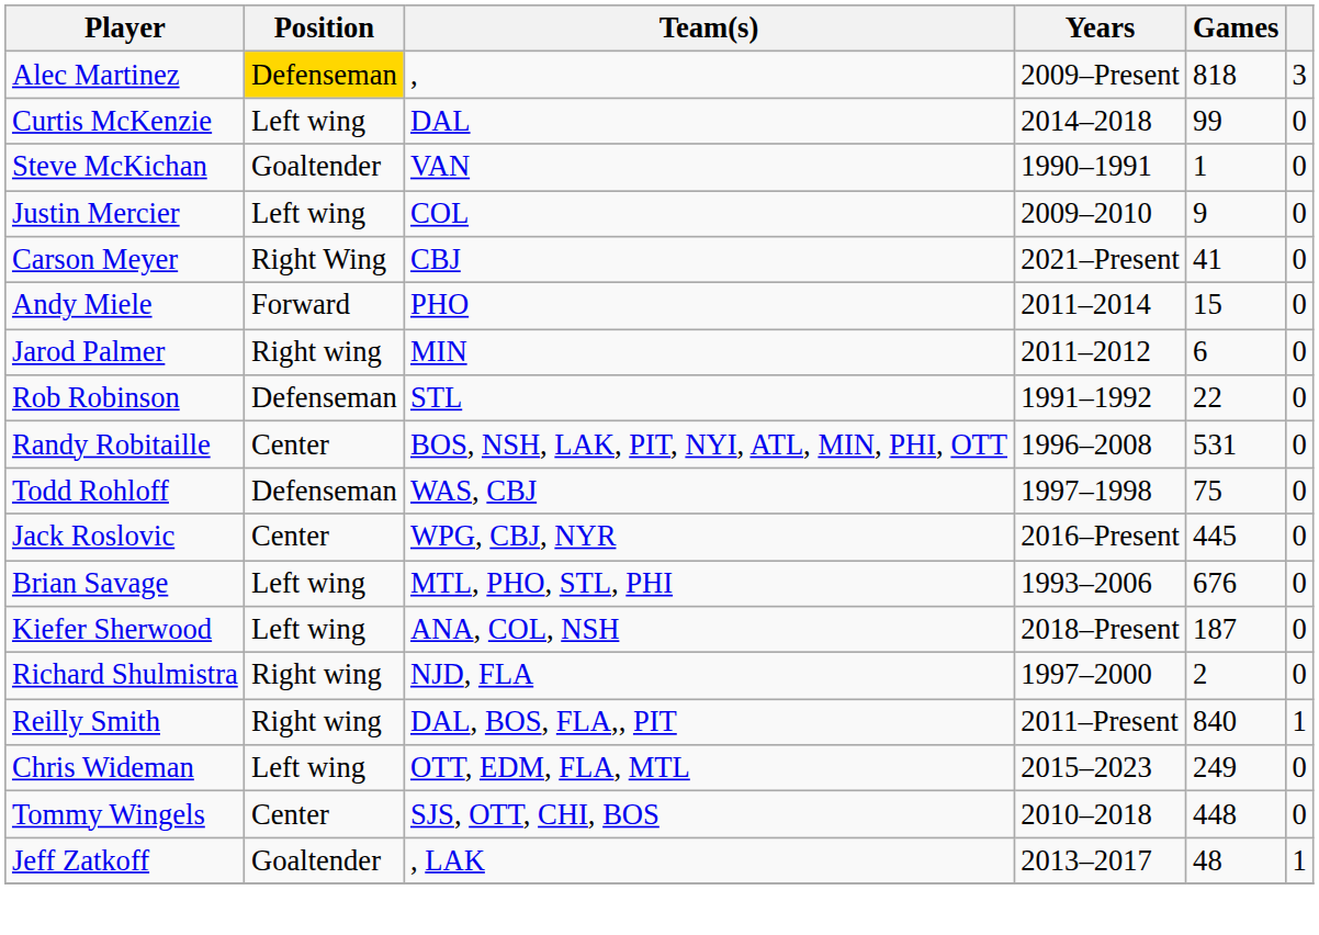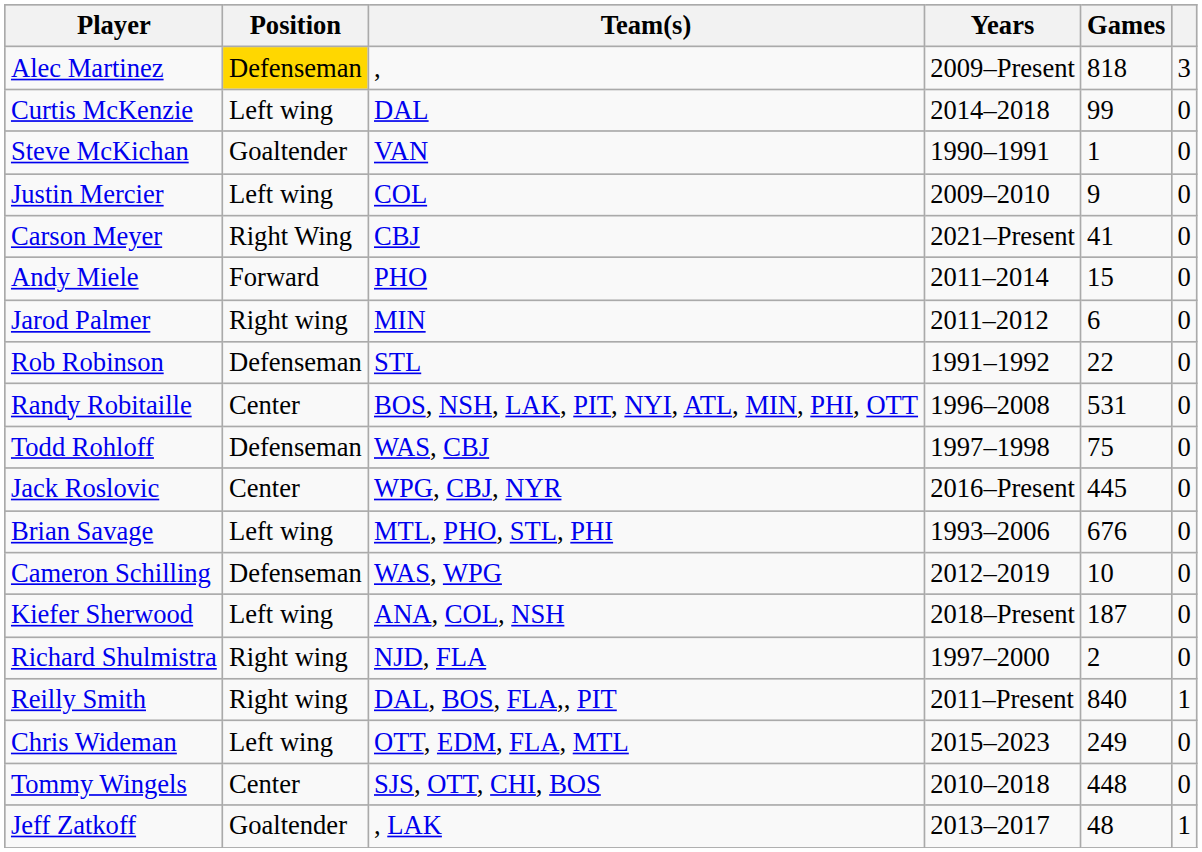 <table class="wikitable sortable">
 <tr>
 <th>Player</th>
 <th>Position</th>
 <th>Team(s)</th>
 <th>Years</th>
 <th>Games</th>
 <th><a href='#'></a></th>
 </tr>
 <tr>
 <td><a href='#'>Alec Martinez</a></td>
 <td style="background: gold;">Defenseman</td>
 <td><span><strong></strong></span>, <span><strong></strong></span></td>
 <td>2009–Present</td>
 <td>818</td>
 <td>3</td>
 </tr>
 <tr>
 <td><a href='#'>Curtis McKenzie</a></td>
 <td>Left wing</td>
 <td><a href='#'>DAL</a></td>
 <td>2014–2018</td>
 <td>99</td>
 <td>0</td>
 </tr>
 <tr>
 <td><a href='#'>Steve McKichan</a></td>
 <td>Goaltender</td>
 <td><a href='#'>VAN</a></td>
 <td>1990–1991</td>
 <td>1</td>
 <td>0</td>
 </tr>
 <tr>
 <td><a href='#'>Justin Mercier</a></td>
 <td>Left wing</td>
 <td><a href='#'>COL</a></td>
 <td>2009–2010</td>
 <td>9</td>
 <td>0</td>
 </tr>
 <tr>
 <td><a href='#'>Carson Meyer</a></td>
 <td>Right Wing</td>
 <td><a href='#'>CBJ</a></td>
 <td>2021–Present</td>
 <td>41</td>
 <td>0</td>
 </tr>
 <tr>
 <td><a href='#'>Andy Miele</a></td>
 <td>Forward</td>
 <td><a href='#'>PHO</a></td>
 <td>2011–2014</td>
 <td>15</td>
 <td>0</td>
 </tr>
 <tr>
 <td><a href='#'>Jarod Palmer</a></td>
 <td>Right wing</td>
 <td><a href='#'>MIN</a></td>
 <td>2011–2012</td>
 <td>6</td>
 <td>0</td>
 </tr>
 <tr>
 <td><a href='#'>Rob Robinson</a></td>
 <td>Defenseman</td>
 <td><a href='#'>STL</a></td>
 <td>1991–1992</td>
 <td>22</td>
 <td>0</td>
 </tr>
 <tr>
 <td><a href='#'>Randy Robitaille</a></td>
 <td>Center</td>
 <td><a href='#'>BOS</a>, <a href='#'>NSH</a>, <a href='#'>LAK</a>, <a href='#'>PIT</a>, <a href='#'>NYI</a>, <a href='#'>ATL</a>, <a href='#'>MIN</a>, <a href='#'>PHI</a>, <a href='#'>OTT</a></td>
 <td>1996–2008</td>
 <td>531</td>
 <td>0</td>
 </tr>
 <tr>
 <td><a href='#'>Todd Rohloff</a></td>
 <td>Defenseman</td>
 <td><a href='#'>WAS</a>, <a href='#'>CBJ</a></td>
 <td>1997–1998</td>
 <td>75</td>
 <td>0</td>
 </tr>
 <tr>
 <td><a href='#'>Jack Roslovic</a></td>
 <td>Center</td>
 <td><a href='#'>WPG</a>, <a href='#'>CBJ</a>, <a href='#'>NYR</a></td>
 <td>2016–Present</td>
 <td>445</td>
 <td>0</td>
 </tr>
 <tr>
 <td><a href='#'>Brian Savage</a></td>
 <td>Left wing</td>
 <td><a href='#'>MTL</a>, <a href='#'>PHO</a>, <a href='#'>STL</a>, <a href='#'>PHI</a></td>
 <td>1993–2006</td>
 <td>676</td>
 <td>0</td>
 </tr>
 <tr>
+<td><a href='#'>Cameron Schilling</a></td>
+<td>Defenseman</td>
+<td><a href='#'>WAS</a>, <a href='#'>WPG</a></td>
+<td>2012–2019</td>
+<td>10</td>
+<td>0</td>
+</tr>
+<tr>
 <td><a href='#'>Kiefer Sherwood</a></td>
 <td>Left wing</td>
 <td><a href='#'>ANA</a>, <a href='#'>COL</a>, <a href='#'>NSH</a></td>
 <td>2018–Present</td>
 <td>187</td>
 <td>0</td>
 </tr>
 <tr>
 <td><a href='#'>Richard Shulmistra</a></td>
 <td>Right wing</td>
 <td><a href='#'>NJD</a>, <a href='#'>FLA</a></td>
 <td>1997–2000</td>
 <td>2</td>
 <td>0</td>
 </tr>
 <tr>
 <td><a href='#'>Reilly Smith</a></td>
 <td>Right wing</td>
 <td><a href='#'>DAL</a>, <a href='#'>BOS</a>, <a href='#'>FLA</a>,<span><strong></strong></span>, <a href='#'>PIT</a></td>
 <td>2011–Present</td>
 <td>840</td>
 <td>1</td>
 </tr>
 <tr>
 <td><a href='#'>Chris Wideman</a></td>
 <td>Left wing</td>
 <td><a href='#'>OTT</a>, <a href='#'>EDM</a>, <a href='#'>FLA</a>, <a href='#'>MTL</a></td>
 <td>2015–2023</td>
 <td>249</td>
 <td>0</td>
 </tr>
 <tr>
 <td><a href='#'>Tommy Wingels</a></td>
 <td>Center</td>
 <td><a href='#'>SJS</a>, <a href='#'>OTT</a>, <a href='#'>CHI</a>, <a href='#'>BOS</a></td>
 <td>2010–2018</td>
 <td>448</td>
 <td>0</td>
 </tr>
 <tr>
 <td><a href='#'>Jeff Zatkoff</a></td>
 <td>Goaltender</td>
 <td><span><strong></strong></span>, <a href='#'>LAK</a></td>
 <td>2013–2017</td>
 <td>48</td>
 <td>1</td>
 </tr>
 <tr>
 </tr>
 </table>
